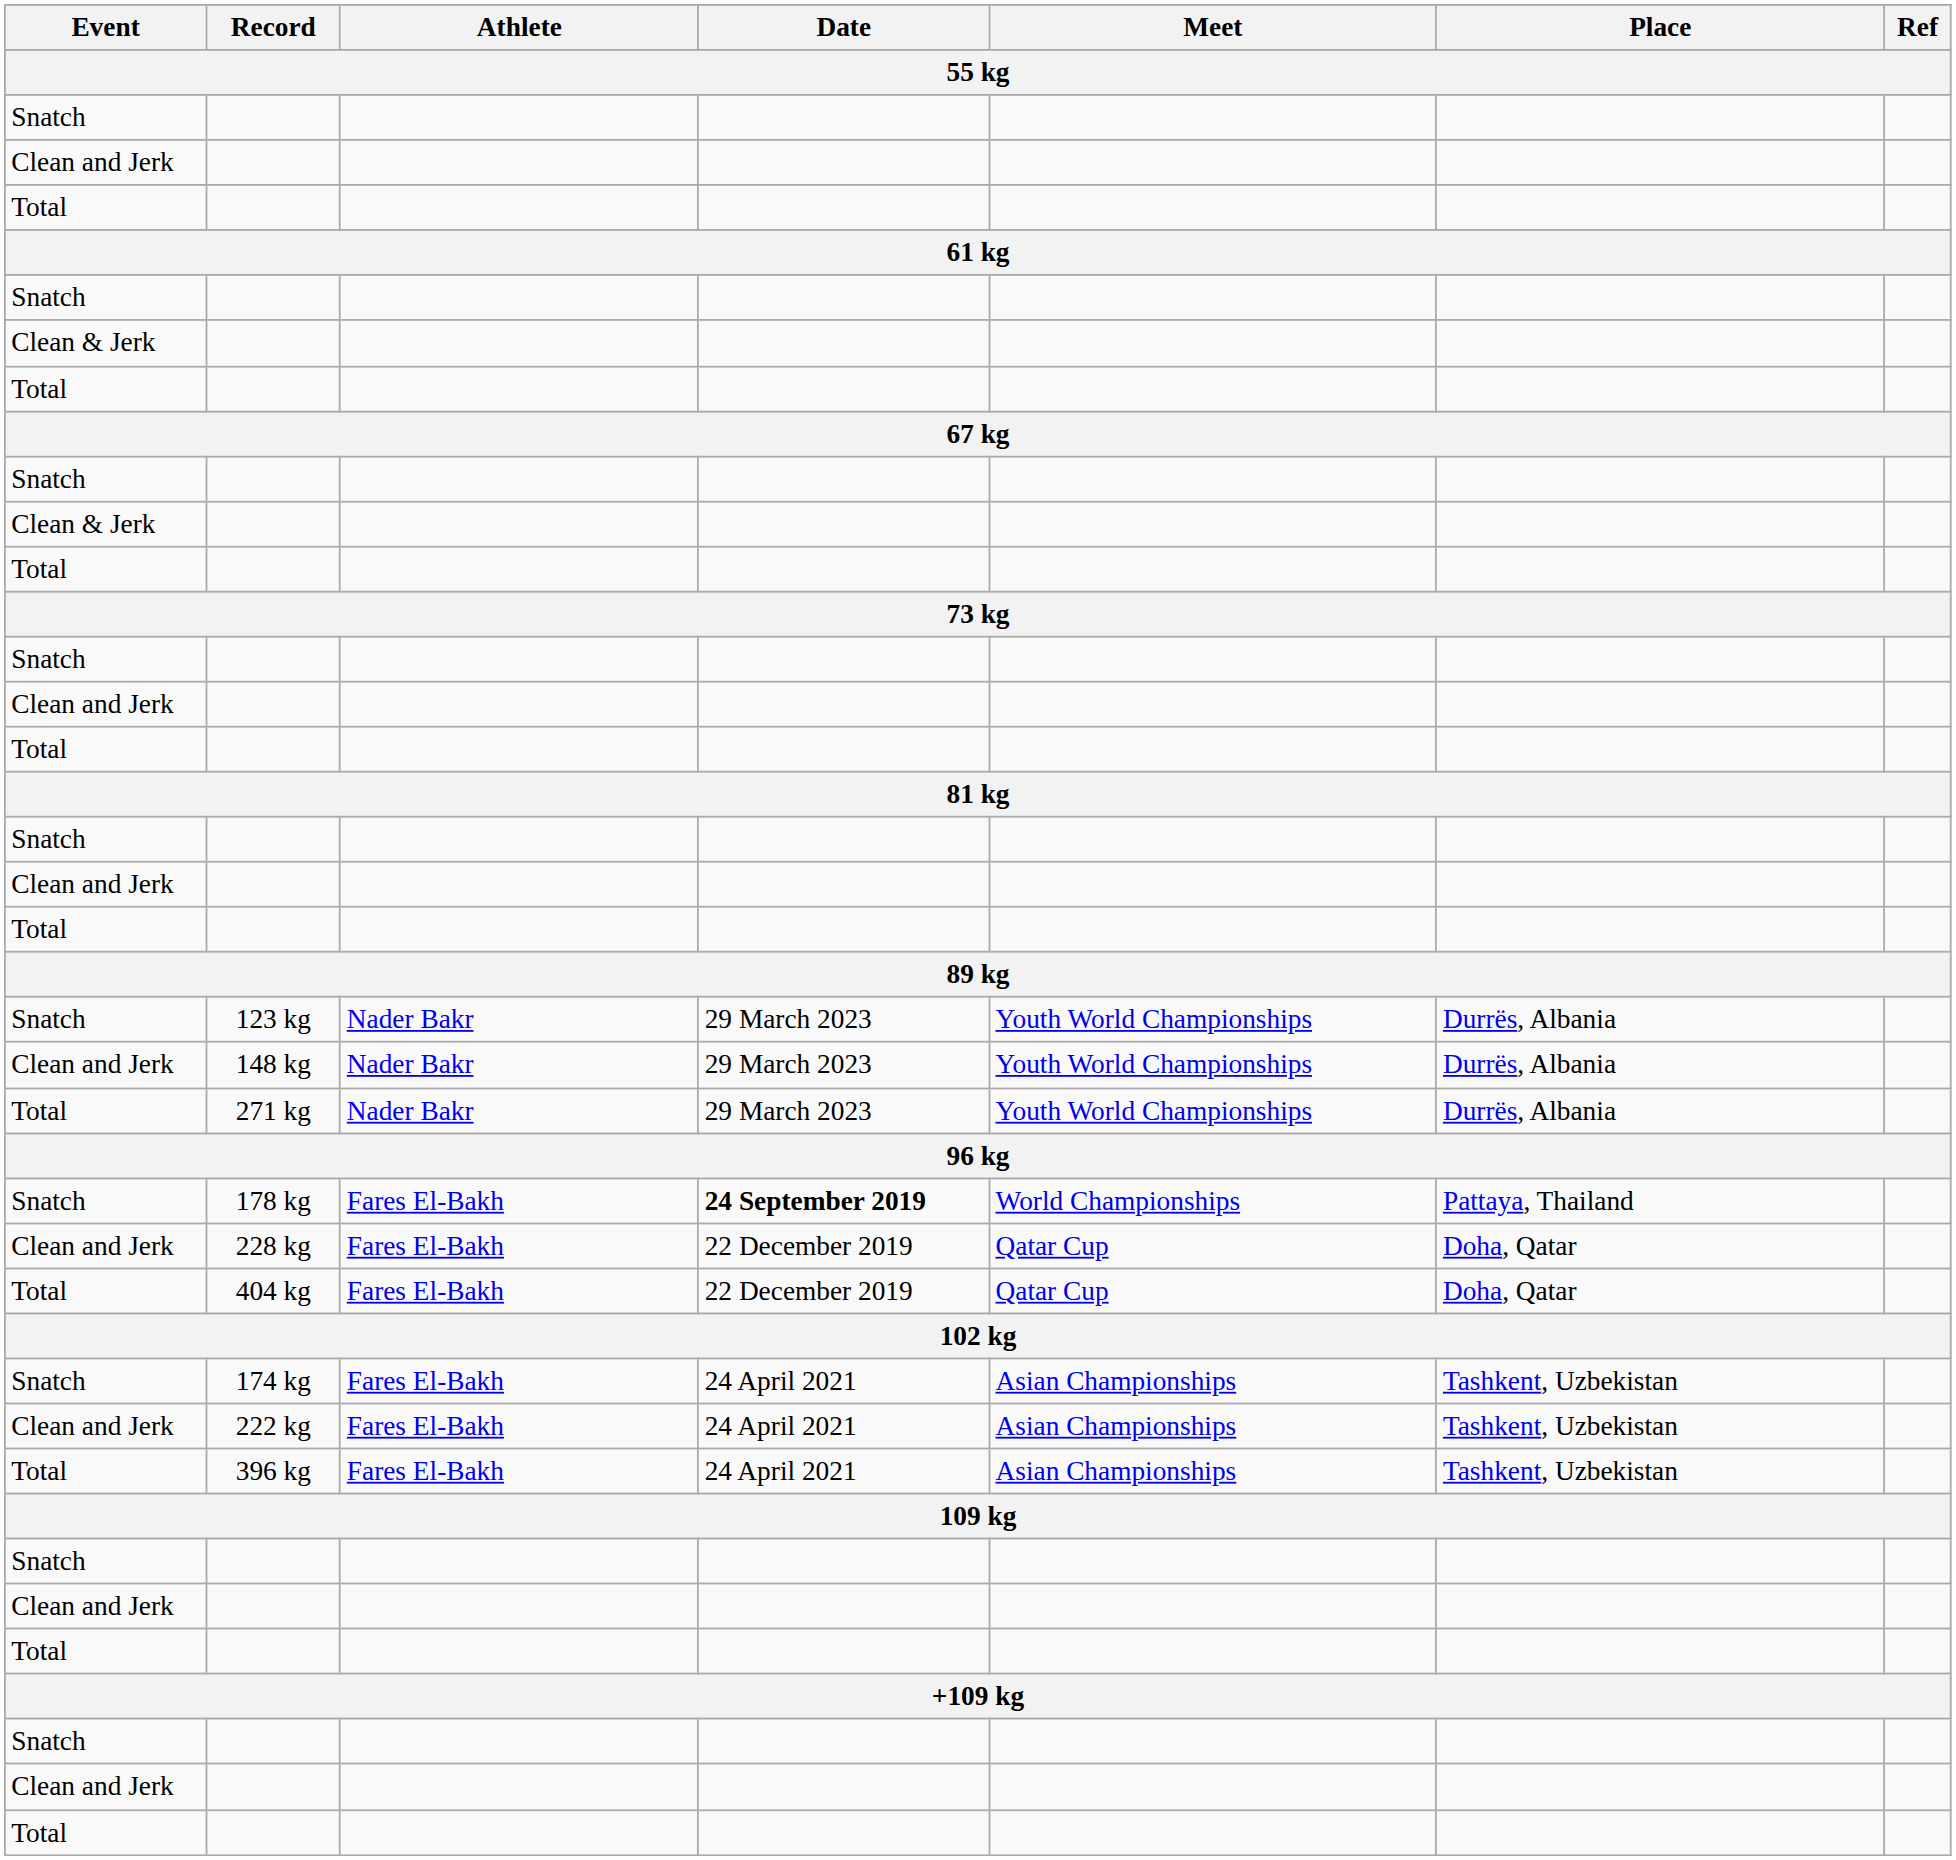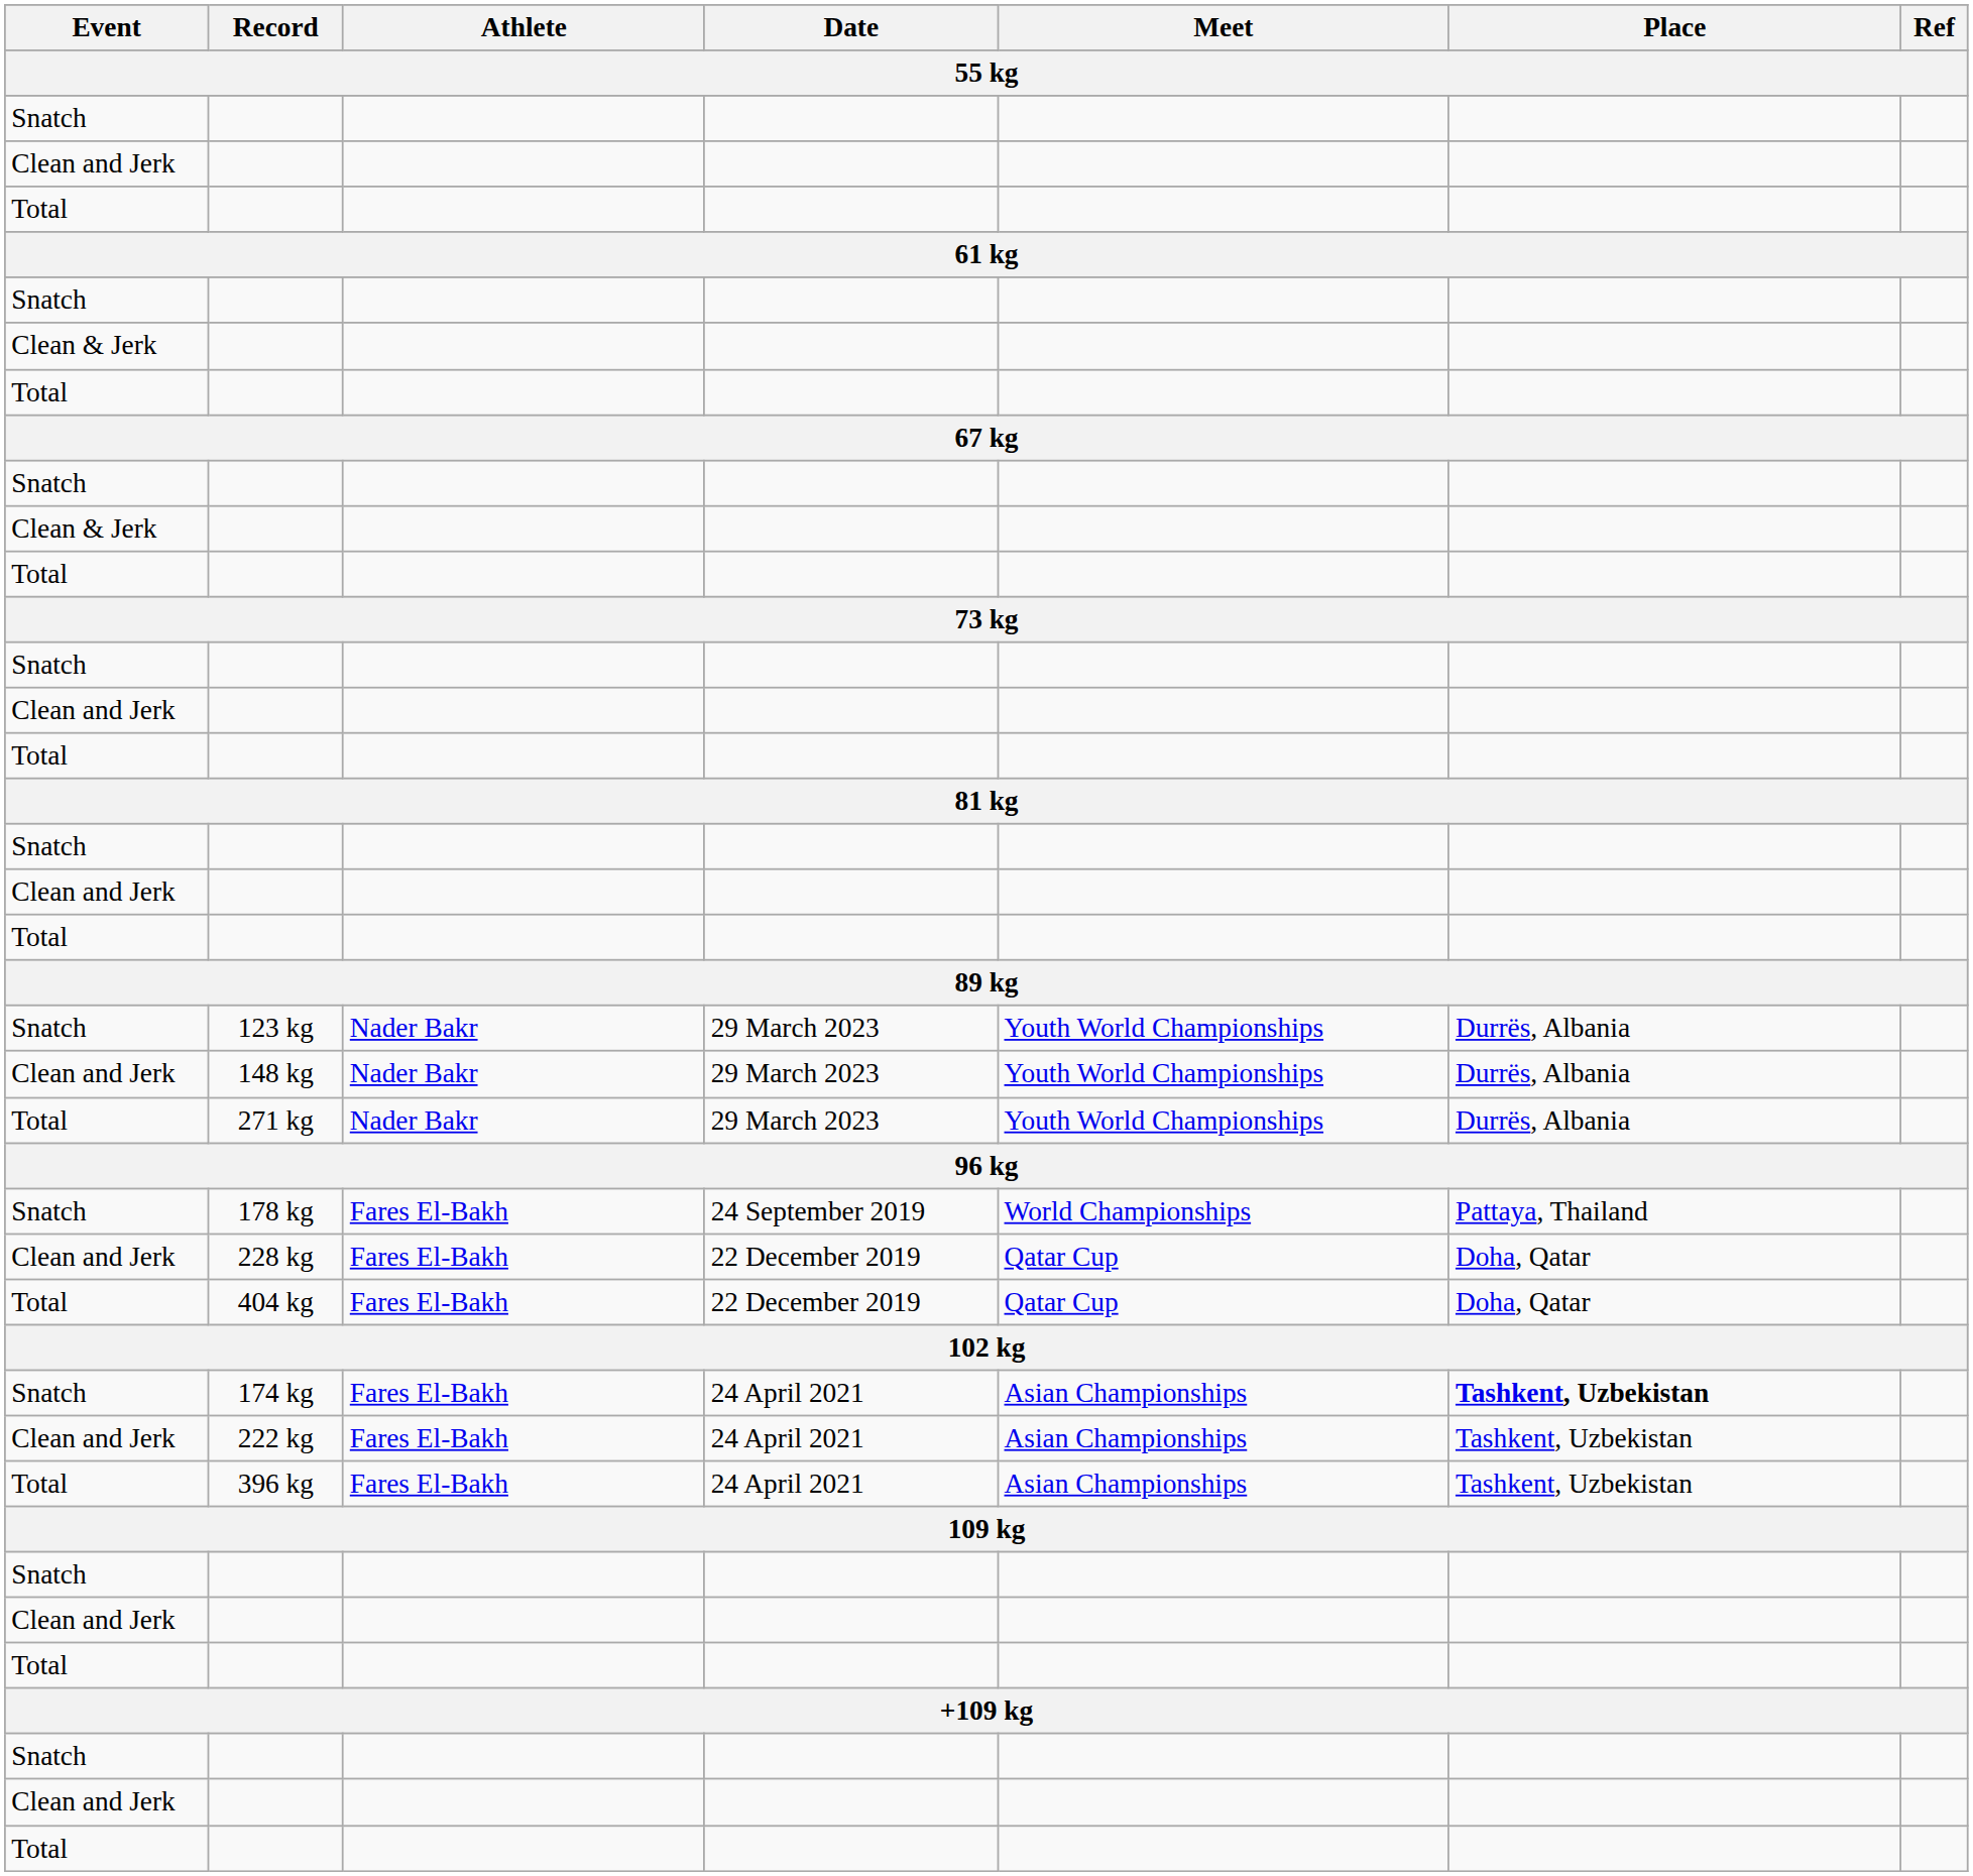 <table class="wikitable" style="font-size:95%;">
 <tr>
 <th width=9%>Event</th>
 <th width=6%>Record</th>
 <th width=16%>Athlete</th>
 <th width=13%>Date</th>
 <th width=20%>Meet</th>
 <th width=20%>Place</th>
 <th width=3%>Ref</th>
 </tr>
 <tr bgcolor="#DDDDDD">
 <th colspan="7">55 kg</th>
 </tr>
 <tr>
 <td>Snatch</td>
 <td align="center"></td>
 <td></td>
 <td></td>
 <td></td>
 <td></td>
 <td></td>
 </tr>
 <tr>
 <td>Clean and Jerk</td>
 <td align="center"></td>
 <td></td>
 <td></td>
 <td></td>
 <td></td>
 <td></td>
 </tr>
 <tr>
 <td>Total</td>
 <td align="center"></td>
 <td></td>
 <td></td>
 <td></td>
 <td></td>
 <td></td>
 </tr>
 <tr bgcolor="#DDDDDD">
 <th colspan="7">61 kg</th>
 </tr>
 <tr>
 <td>Snatch</td>
 <td align="center"></td>
 <td></td>
 <td></td>
 <td></td>
 <td></td>
 <td></td>
 </tr>
 <tr>
 <td>Clean & Jerk</td>
 <td align="center"></td>
 <td></td>
 <td></td>
 <td></td>
 <td></td>
 <td></td>
 </tr>
 <tr>
 <td>Total</td>
 <td align="center"></td>
 <td></td>
 <td></td>
 <td></td>
 <td></td>
 <td></td>
 </tr>
 <tr bgcolor="#DDDDDD">
 <th colspan="7">67 kg</th>
 </tr>
 <tr>
 <td>Snatch</td>
 <td align="center"></td>
 <td></td>
 <td></td>
 <td></td>
 <td></td>
 <td></td>
 </tr>
 <tr>
 <td>Clean & Jerk</td>
 <td align="center"></td>
 <td></td>
 <td></td>
 <td></td>
 <td></td>
 <td></td>
 </tr>
 <tr>
 <td>Total</td>
 <td align="center"></td>
 <td></td>
 <td></td>
 <td></td>
 <td></td>
 <td></td>
 </tr>
 <tr bgcolor="#DDDDDD">
 <th colspan="7">73 kg</th>
 </tr>
 <tr>
 <td>Snatch</td>
 <td align="center"></td>
 <td></td>
 <td></td>
 <td></td>
 <td></td>
 <td></td>
 </tr>
 <tr>
 <td>Clean and Jerk</td>
 <td align="center"></td>
 <td></td>
 <td></td>
 <td></td>
 <td></td>
 <td></td>
 </tr>
 <tr>
 <td>Total</td>
 <td align="center"></td>
 <td></td>
 <td></td>
 <td></td>
 <td></td>
 <td></td>
 </tr>
 <tr bgcolor="#DDDDDD">
 <th colspan="7">81 kg</th>
 </tr>
 <tr>
 <td>Snatch</td>
 <td align="center"></td>
 <td></td>
 <td></td>
 <td></td>
 <td></td>
 <td></td>
 </tr>
 <tr>
 <td>Clean and Jerk</td>
 <td align="center"></td>
 <td></td>
 <td></td>
 <td></td>
 <td></td>
 <td></td>
 </tr>
 <tr>
 <td>Total</td>
 <td align="center"></td>
 <td></td>
 <td></td>
 <td></td>
 <td></td>
 <td></td>
 </tr>
 <tr bgcolor="#DDDDDD">
 <th colspan="7">89 kg</th>
 </tr>
 <tr>
 <td>Snatch</td>
 <td align="center">123 kg</td>
 <td><a href='#'>Nader Bakr</a></td>
 <td>29 March 2023</td>
 <td><a href='#'>Youth World Championships</a></td>
 <td><a href='#'>Durrës</a>, Albania</td>
 <td></td>
 </tr>
 <tr>
 <td>Clean and Jerk</td>
 <td align="center">148 kg</td>
 <td><a href='#'>Nader Bakr</a></td>
 <td>29 March 2023</td>
 <td><a href='#'>Youth World Championships</a></td>
 <td><a href='#'>Durrës</a>, Albania</td>
 <td></td>
 </tr>
 <tr>
 <td>Total</td>
 <td align="center">271 kg</td>
 <td><a href='#'>Nader Bakr</a></td>
 <td>29 March 2023</td>
 <td><a href='#'>Youth World Championships</a></td>
 <td><a href='#'>Durrës</a>, Albania</td>
 <td></td>
 </tr>
 <tr bgcolor="#DDDDDD">
 <th colspan="7">96 kg</th>
 </tr>
 <tr>
 <td>Snatch</td>
 <td align="center">178 kg</td>
 <td><a href='#'>Fares El-Bakh</a></td>
-<td><strong>24 September 2019</strong></td>
+<td>24 September 2019</td>
 <td><a href='#'>World Championships</a></td>
 <td><a href='#'>Pattaya</a>, Thailand</td>
 <td></td>
 </tr>
 <tr>
 <td>Clean and Jerk</td>
 <td align="center">228 kg</td>
 <td><a href='#'>Fares El-Bakh</a></td>
 <td>22 December 2019</td>
 <td><a href='#'>Qatar Cup</a></td>
 <td><a href='#'>Doha</a>, Qatar</td>
 <td></td>
 </tr>
 <tr>
 <td>Total</td>
 <td align="center">404 kg</td>
 <td><a href='#'>Fares El-Bakh</a></td>
 <td>22 December 2019</td>
 <td><a href='#'>Qatar Cup</a></td>
 <td><a href='#'>Doha</a>, Qatar</td>
 <td></td>
 </tr>
 <tr bgcolor="#DDDDDD">
 <th colspan="7">102 kg</th>
 </tr>
 <tr>
 <td>Snatch</td>
 <td align="center">174 kg</td>
 <td><a href='#'>Fares El-Bakh</a></td>
 <td>24 April 2021</td>
 <td><a href='#'>Asian Championships</a></td>
-<td><a href='#'>Tashkent</a>, Uzbekistan</td>
+<td><strong><a href='#'>Tashkent</a>, Uzbekistan</strong></td>
 <td></td>
 </tr>
 <tr>
 <td>Clean and Jerk</td>
 <td align="center">222 kg</td>
 <td><a href='#'>Fares El-Bakh</a></td>
 <td>24 April 2021</td>
 <td><a href='#'>Asian Championships</a></td>
 <td><a href='#'>Tashkent</a>, Uzbekistan</td>
 <td></td>
 </tr>
 <tr>
 <td>Total</td>
 <td align="center">396 kg</td>
 <td><a href='#'>Fares El-Bakh</a></td>
 <td>24 April 2021</td>
 <td><a href='#'>Asian Championships</a></td>
 <td><a href='#'>Tashkent</a>, Uzbekistan</td>
 <td></td>
 </tr>
 <tr bgcolor="#DDDDDD">
 <th colspan="7">109 kg</th>
 </tr>
 <tr>
 <td>Snatch</td>
 <td align="center"></td>
 <td></td>
 <td></td>
 <td></td>
 <td></td>
 <td></td>
 </tr>
 <tr>
 <td>Clean and Jerk</td>
 <td align="center"></td>
 <td></td>
 <td></td>
 <td></td>
 <td></td>
 <td></td>
 </tr>
 <tr>
 <td>Total</td>
 <td align="center"></td>
 <td></td>
 <td></td>
 <td></td>
 <td></td>
 <td></td>
 </tr>
 <tr bgcolor="#DDDDDD">
 <th colspan="7">+109 kg</th>
 </tr>
 <tr>
 <td>Snatch</td>
 <td align="center"></td>
 <td></td>
 <td></td>
 <td></td>
 <td></td>
 <td></td>
 </tr>
 <tr>
 <td>Clean and Jerk</td>
 <td align="center"></td>
 <td></td>
 <td></td>
 <td></td>
 <td></td>
 <td></td>
 </tr>
 <tr>
 <td>Total</td>
 <td align="center"></td>
 <td></td>
 <td></td>
 <td></td>
 <td></td>
 <td></td>
 </tr>
 </table>
